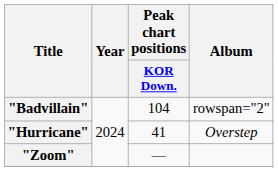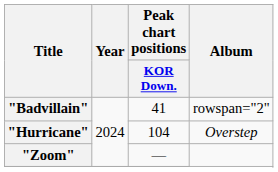 <table class="wikitable plainrowheaders" style="text-align:center">
 <tr>
 <th scope="col" rowspan="2">Title</th>
 <th scope="col" rowspan="2">Year</th>
 <th scope="col">Peak chart positions</th>
 <th scope="col" rowspan="2">Album</th>
 </tr>
 <tr>
 <th scope="col" style="font-size:90%; width:3em"><a href='#'>KOR<br>Down.</a><br></th>
 </tr>
 <tr>
 <th scope="row">"Badvillain"</th>
 <td rowspan="3">2024</td>
-<td>104</td>
+<td>41</td>
 <td>rowspan="2" </td>
 </tr>
 <tr>
 <th scope="row">"Hurricane"</th>
-<td>41</td>
+<td>104</td>
 <td><em>Overstep</em></td>
 </tr>
 <tr>
 <th scope="row">"Zoom"</th>
 <td>—</td>
 </tr>
 <tr>
 </tr>
 </table>
